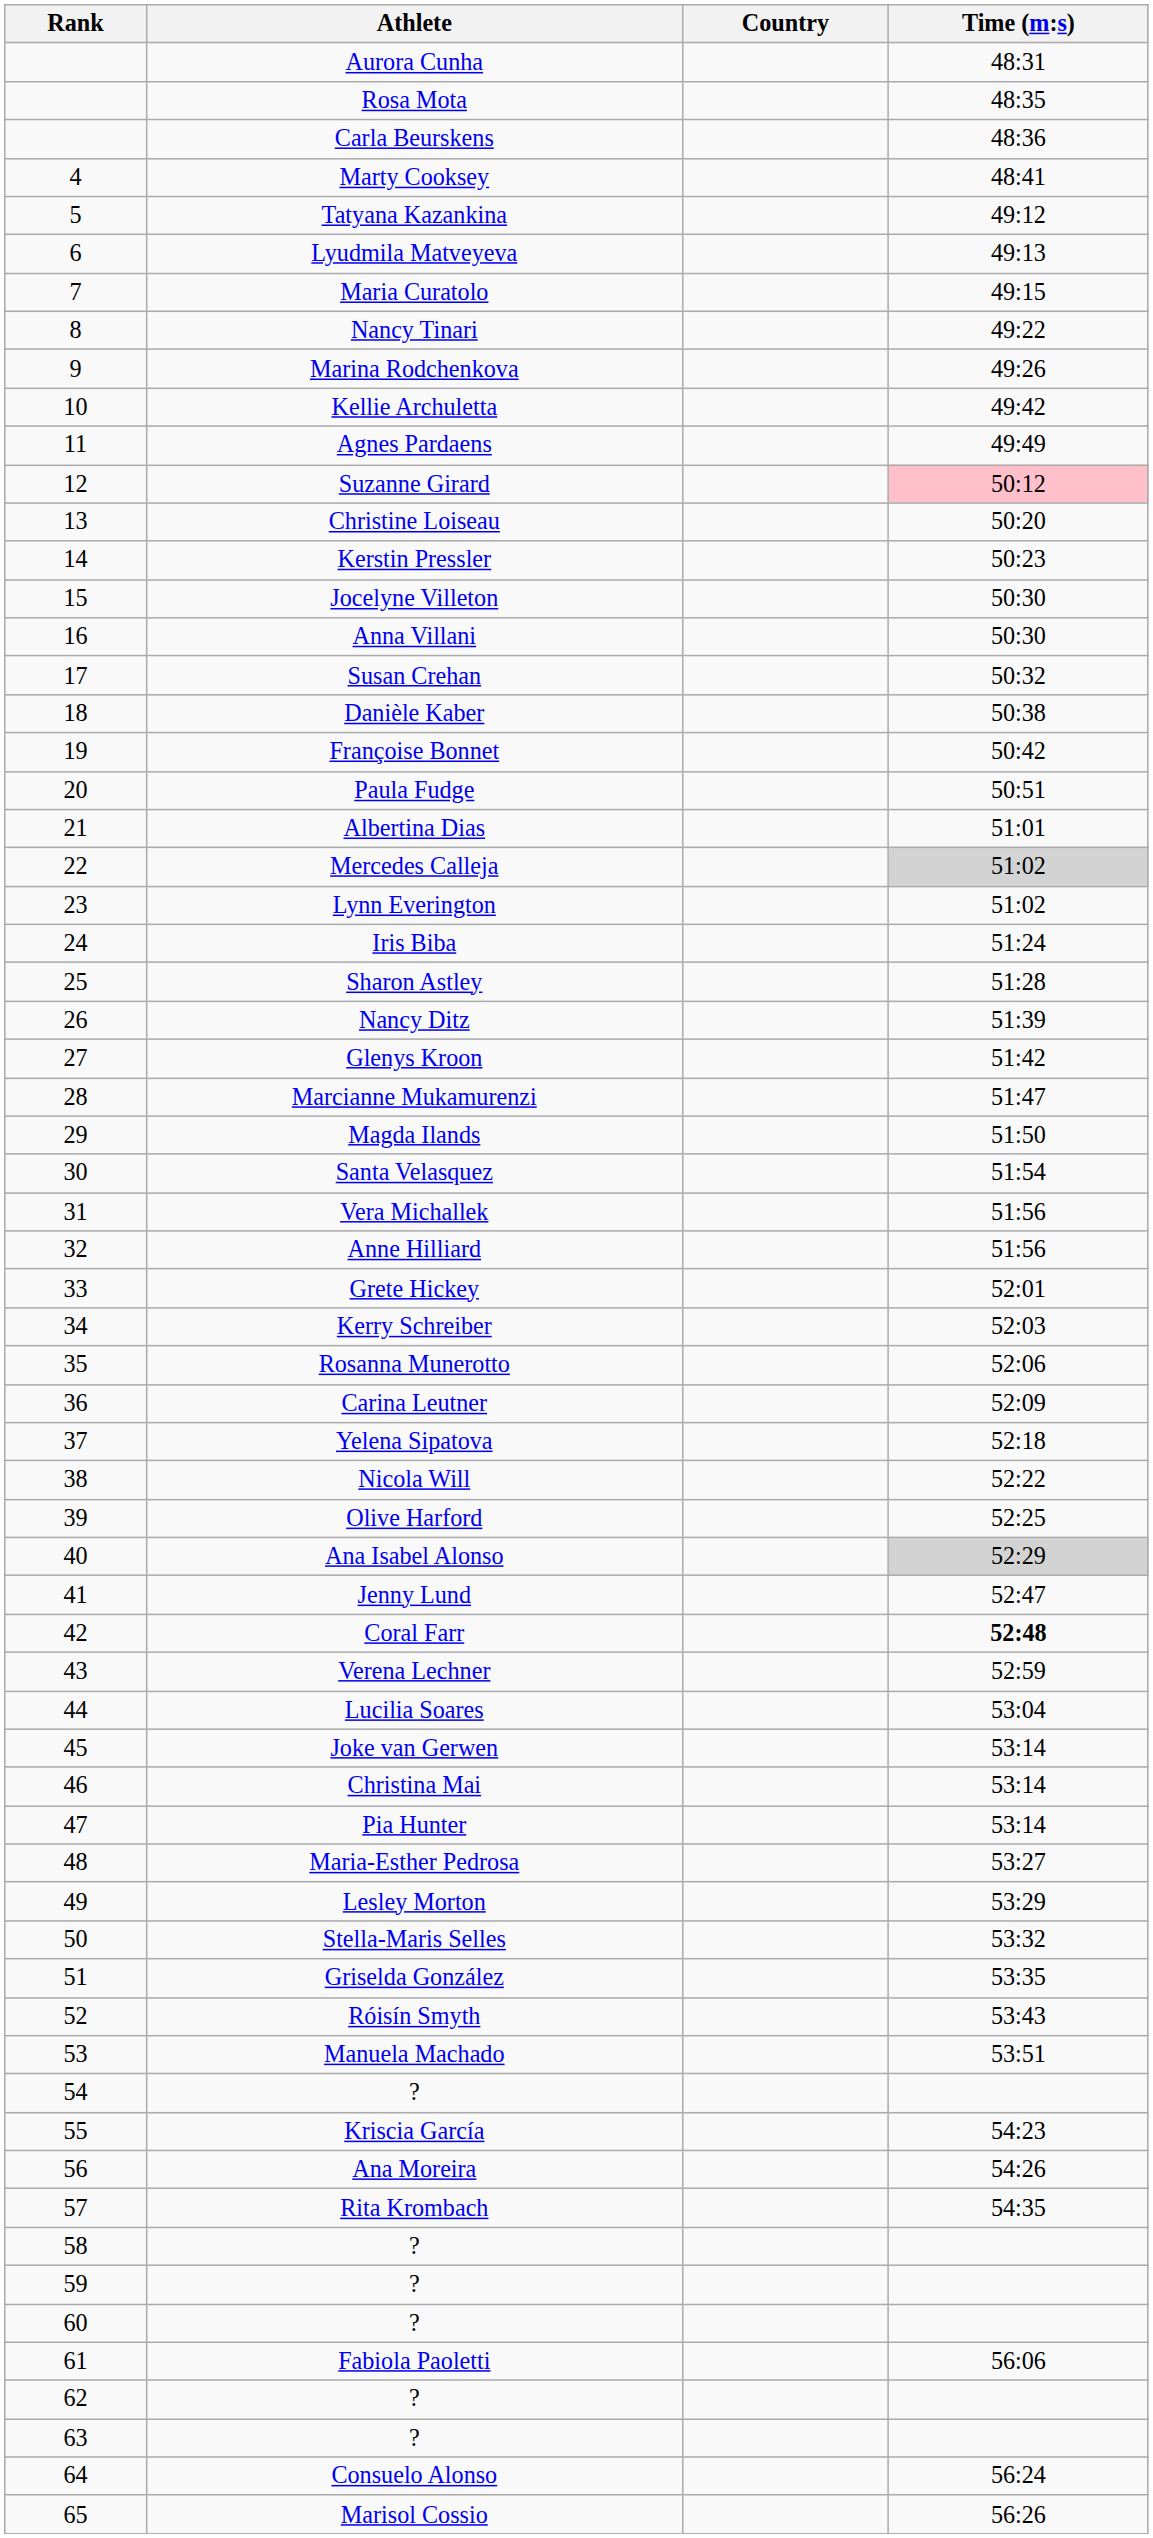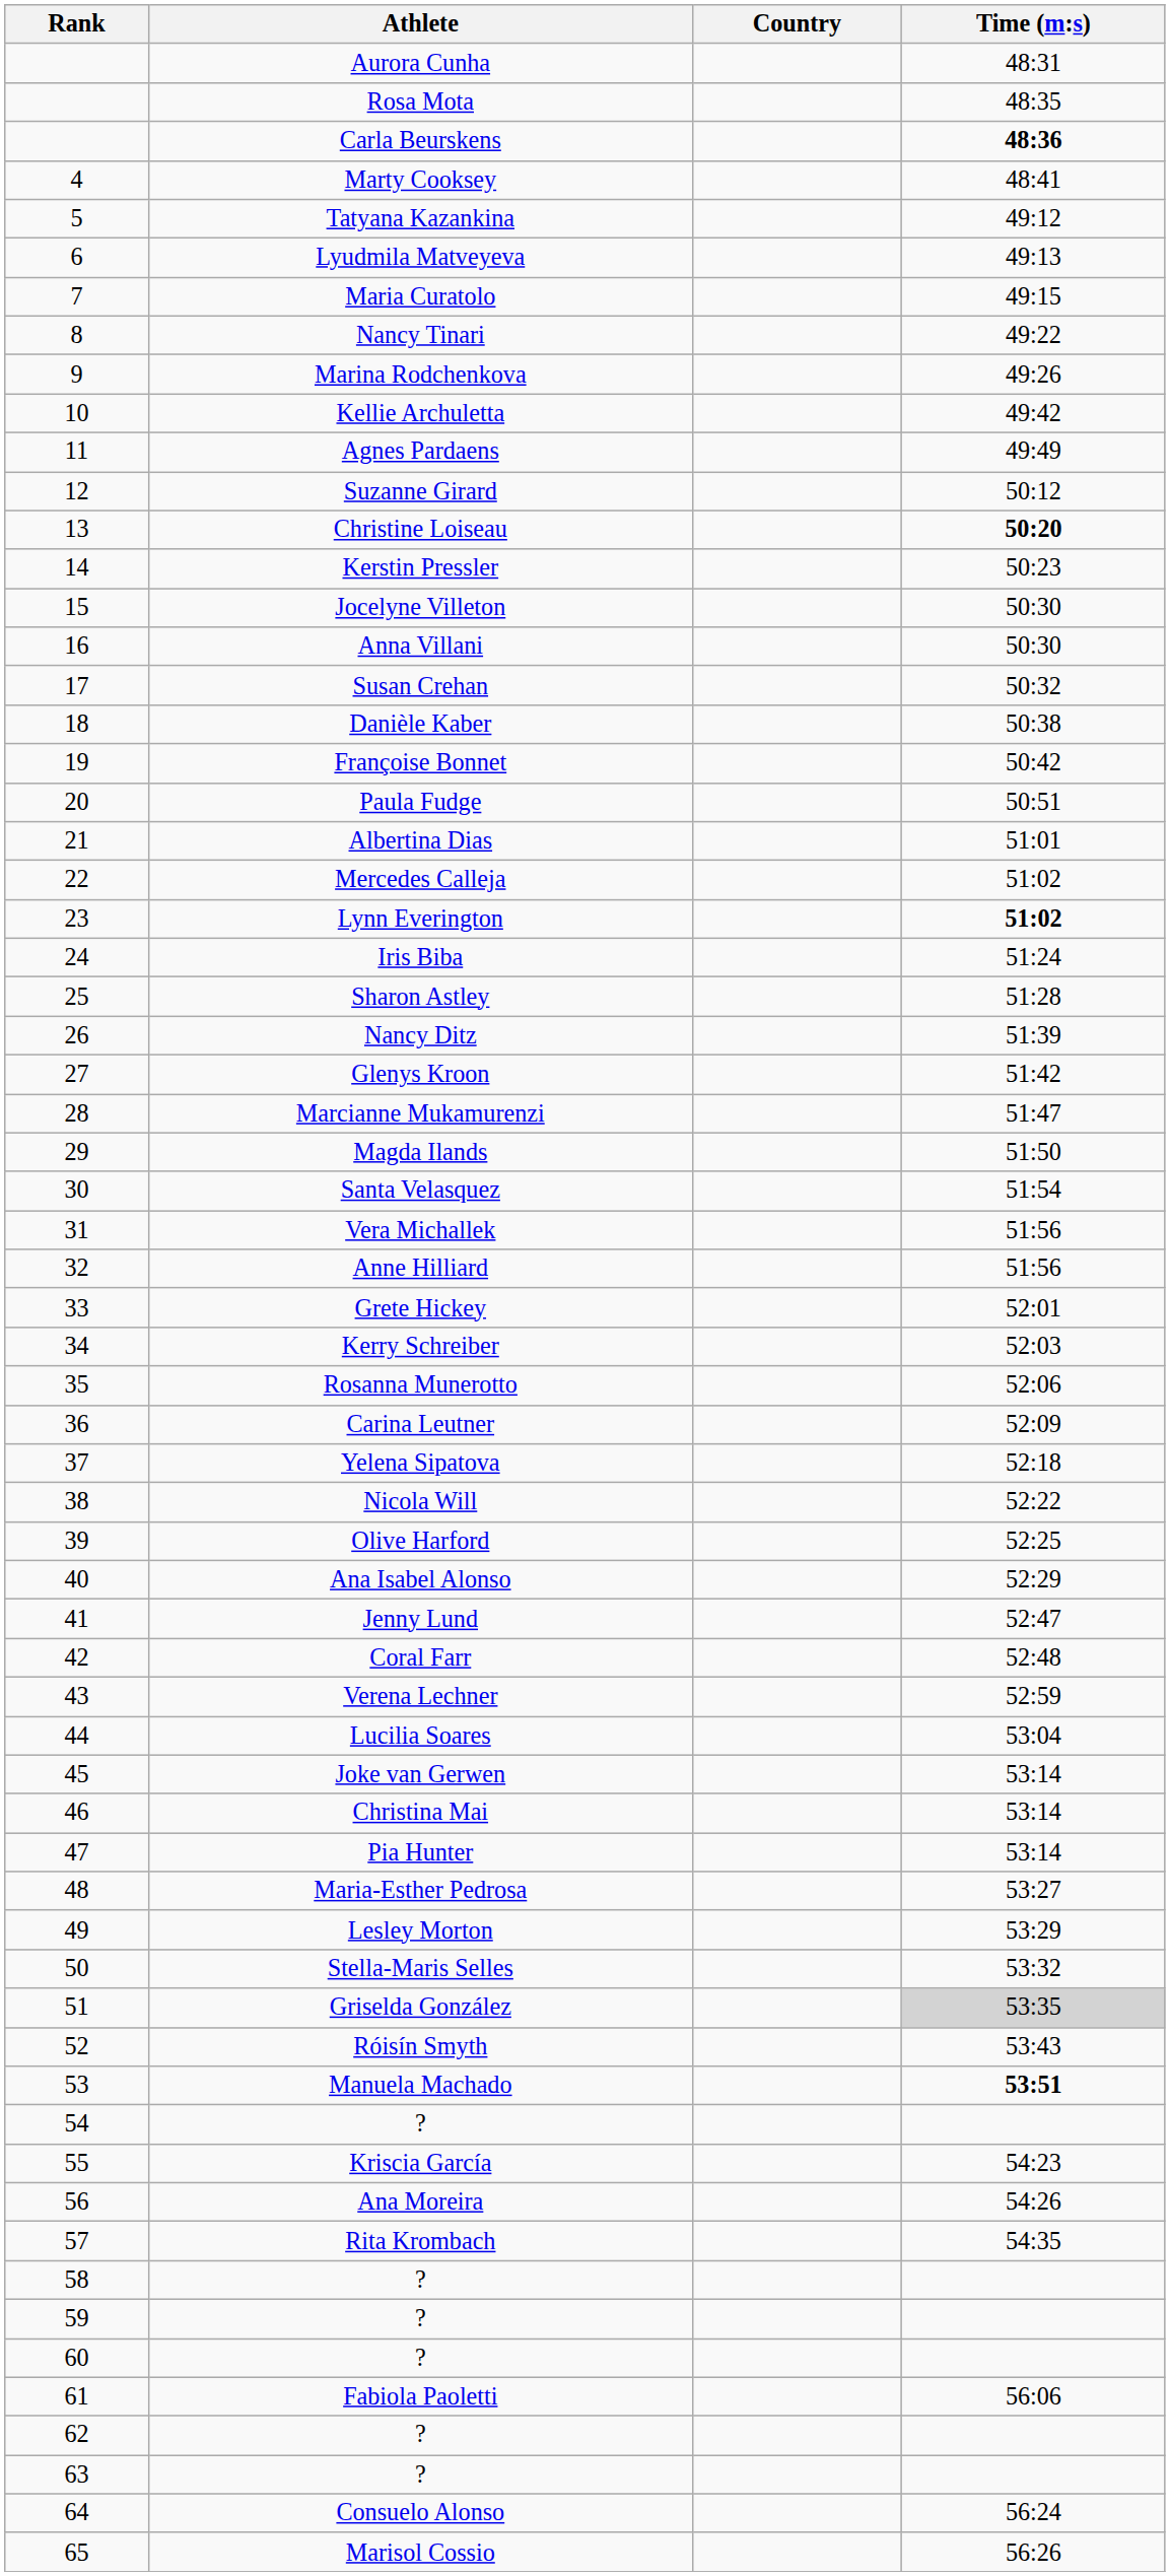 <table class="wikitable sortable" style="text-align:center;" width="60%">
 <tr>
 <th>Rank</th>
 <th>Athlete</th>
 <th>Country</th>
 <th>Time (<a href='#'>m</a>:<a href='#'>s</a>)</th>
 </tr>
 <tr>
 <td></td>
 <td><a href='#'>Aurora Cunha</a></td>
 <td align=left></td>
 <td>48:31</td>
 </tr>
 <tr>
 <td></td>
 <td><a href='#'>Rosa Mota</a></td>
 <td align=left></td>
 <td>48:35</td>
 </tr>
 <tr>
 <td></td>
 <td><a href='#'>Carla Beurskens</a></td>
 <td align=left></td>
-<td>48:36</td>
+<td><strong>48:36</strong></td>
 </tr>
 <tr>
 <td>4</td>
 <td><a href='#'>Marty Cooksey</a></td>
 <td align=left></td>
 <td>48:41</td>
 </tr>
 <tr>
 <td>5</td>
 <td><a href='#'>Tatyana Kazankina</a></td>
 <td align=left></td>
 <td>49:12</td>
 </tr>
 <tr>
 <td>6</td>
 <td><a href='#'>Lyudmila Matveyeva</a></td>
 <td align=left></td>
 <td>49:13</td>
 </tr>
 <tr>
 <td>7</td>
 <td><a href='#'>Maria Curatolo</a></td>
 <td align=left></td>
 <td>49:15</td>
 </tr>
 <tr>
 <td>8</td>
 <td><a href='#'>Nancy Tinari</a></td>
 <td align=left></td>
 <td>49:22</td>
 </tr>
 <tr>
 <td>9</td>
 <td><a href='#'>Marina Rodchenkova</a></td>
 <td align=left></td>
 <td>49:26</td>
 </tr>
 <tr>
 <td>10</td>
 <td><a href='#'>Kellie Archuletta</a></td>
 <td align=left></td>
 <td>49:42</td>
 </tr>
 <tr>
 <td>11</td>
 <td><a href='#'>Agnes Pardaens</a></td>
 <td align=left></td>
 <td>49:49</td>
 </tr>
 <tr>
 <td>12</td>
 <td><a href='#'>Suzanne Girard</a></td>
 <td align=left></td>
-<td style="background: pink;">50:12</td>
+<td>50:12</td>
 </tr>
 <tr>
 <td>13</td>
 <td><a href='#'>Christine Loiseau</a></td>
 <td align=left></td>
-<td>50:20</td>
+<td><strong>50:20</strong></td>
 </tr>
 <tr>
 <td>14</td>
 <td><a href='#'>Kerstin Pressler</a></td>
 <td align=left></td>
 <td>50:23</td>
 </tr>
 <tr>
 <td>15</td>
 <td><a href='#'>Jocelyne Villeton</a></td>
 <td align=left></td>
 <td>50:30</td>
 </tr>
 <tr>
 <td>16</td>
 <td><a href='#'>Anna Villani</a></td>
 <td align=left></td>
 <td>50:30</td>
 </tr>
 <tr>
 <td>17</td>
 <td><a href='#'>Susan Crehan</a></td>
 <td align=left></td>
 <td>50:32</td>
 </tr>
 <tr>
 <td>18</td>
 <td><a href='#'>Danièle Kaber</a></td>
 <td align=left></td>
 <td>50:38</td>
 </tr>
 <tr>
 <td>19</td>
 <td><a href='#'>Françoise Bonnet</a></td>
 <td align=left></td>
 <td>50:42</td>
 </tr>
 <tr>
 <td>20</td>
 <td><a href='#'>Paula Fudge</a></td>
 <td align=left></td>
 <td>50:51</td>
 </tr>
 <tr>
 <td>21</td>
 <td><a href='#'>Albertina Dias</a></td>
 <td align=left></td>
 <td>51:01</td>
 </tr>
 <tr>
 <td>22</td>
 <td><a href='#'>Mercedes Calleja</a></td>
 <td align=left></td>
-<td style="background: lightgrey;">51:02</td>
+<td>51:02</td>
 </tr>
 <tr>
 <td>23</td>
 <td><a href='#'>Lynn Everington</a></td>
 <td align=left></td>
-<td>51:02</td>
+<td><strong>51:02</strong></td>
 </tr>
 <tr>
 <td>24</td>
 <td><a href='#'>Iris Biba</a></td>
 <td align=left></td>
 <td>51:24</td>
 </tr>
 <tr>
 <td>25</td>
 <td><a href='#'>Sharon Astley</a></td>
 <td align=left></td>
 <td>51:28</td>
 </tr>
 <tr>
 <td>26</td>
 <td><a href='#'>Nancy Ditz</a></td>
 <td align=left></td>
 <td>51:39</td>
 </tr>
 <tr>
 <td>27</td>
 <td><a href='#'>Glenys Kroon</a></td>
 <td align=left></td>
 <td>51:42</td>
 </tr>
 <tr>
 <td>28</td>
 <td><a href='#'>Marcianne Mukamurenzi</a></td>
 <td align=left></td>
 <td>51:47</td>
 </tr>
 <tr>
 <td>29</td>
 <td><a href='#'>Magda Ilands</a></td>
 <td align=left></td>
 <td>51:50</td>
 </tr>
 <tr>
 <td>30</td>
 <td><a href='#'>Santa Velasquez</a></td>
 <td align=left></td>
 <td>51:54</td>
 </tr>
 <tr>
 <td>31</td>
 <td><a href='#'>Vera Michallek</a></td>
 <td align=left></td>
 <td>51:56</td>
 </tr>
 <tr>
 <td>32</td>
 <td><a href='#'>Anne Hilliard</a></td>
 <td align=left></td>
 <td>51:56</td>
 </tr>
 <tr>
 <td>33</td>
 <td><a href='#'>Grete Hickey</a></td>
 <td align=left></td>
 <td>52:01</td>
 </tr>
 <tr>
 <td>34</td>
 <td><a href='#'>Kerry Schreiber</a></td>
 <td align=left></td>
 <td>52:03</td>
 </tr>
 <tr>
 <td>35</td>
 <td><a href='#'>Rosanna Munerotto</a></td>
 <td align=left></td>
 <td>52:06</td>
 </tr>
 <tr>
 <td>36</td>
 <td><a href='#'>Carina Leutner</a></td>
 <td align=left></td>
 <td>52:09</td>
 </tr>
 <tr>
 <td>37</td>
 <td><a href='#'>Yelena Sipatova</a></td>
 <td align=left></td>
 <td>52:18</td>
 </tr>
 <tr>
 <td>38</td>
 <td><a href='#'>Nicola Will</a></td>
 <td align=left></td>
 <td>52:22</td>
 </tr>
 <tr>
 <td>39</td>
 <td><a href='#'>Olive Harford</a></td>
 <td align=left></td>
 <td>52:25</td>
 </tr>
 <tr>
 <td>40</td>
 <td><a href='#'>Ana Isabel Alonso</a></td>
 <td align=left></td>
-<td style="background: lightgrey;">52:29</td>
+<td>52:29</td>
 </tr>
 <tr>
 <td>41</td>
 <td><a href='#'>Jenny Lund</a></td>
 <td align=left></td>
 <td>52:47</td>
 </tr>
 <tr>
 <td>42</td>
 <td><a href='#'>Coral Farr</a></td>
 <td align=left></td>
-<td><strong>52:48</strong></td>
+<td>52:48</td>
 </tr>
 <tr>
 <td>43</td>
 <td><a href='#'>Verena Lechner</a></td>
 <td align=left></td>
 <td>52:59</td>
 </tr>
 <tr>
 <td>44</td>
 <td><a href='#'>Lucilia Soares</a></td>
 <td align=left></td>
 <td>53:04</td>
 </tr>
 <tr>
 <td>45</td>
 <td><a href='#'>Joke van Gerwen</a></td>
 <td align=left></td>
 <td>53:14</td>
 </tr>
 <tr>
 <td>46</td>
 <td><a href='#'>Christina Mai</a></td>
 <td align=left></td>
 <td>53:14</td>
 </tr>
 <tr>
 <td>47</td>
 <td><a href='#'>Pia Hunter</a></td>
 <td align=left></td>
 <td>53:14</td>
 </tr>
 <tr>
 <td>48</td>
 <td><a href='#'>Maria-Esther Pedrosa</a></td>
 <td align=left></td>
 <td>53:27</td>
 </tr>
 <tr>
 <td>49</td>
 <td><a href='#'>Lesley Morton</a></td>
 <td align=left></td>
 <td>53:29</td>
 </tr>
 <tr>
 <td>50</td>
 <td><a href='#'>Stella-Maris Selles</a></td>
 <td align=left></td>
 <td>53:32</td>
 </tr>
 <tr>
 <td>51</td>
 <td><a href='#'>Griselda González</a></td>
 <td align=left></td>
-<td>53:35</td>
+<td style="background: lightgrey;">53:35</td>
 </tr>
 <tr>
 <td>52</td>
 <td><a href='#'>Róisín Smyth</a></td>
 <td align=left></td>
 <td>53:43</td>
 </tr>
 <tr>
 <td>53</td>
 <td><a href='#'>Manuela Machado</a></td>
 <td align=left></td>
-<td>53:51</td>
+<td><strong>53:51</strong></td>
 </tr>
 <tr>
 <td>54</td>
 <td>?</td>
 <td></td>
 <td></td>
 </tr>
 <tr>
 <td>55</td>
 <td><a href='#'>Kriscia García</a></td>
 <td align=left></td>
 <td>54:23</td>
 </tr>
 <tr>
 <td>56</td>
 <td><a href='#'>Ana Moreira</a></td>
 <td align=left></td>
 <td>54:26</td>
 </tr>
 <tr>
 <td>57</td>
 <td><a href='#'>Rita Krombach</a></td>
 <td align=left></td>
 <td>54:35</td>
 </tr>
 <tr>
 <td>58</td>
 <td>?</td>
 <td></td>
 <td></td>
 </tr>
 <tr>
 <td>59</td>
 <td>?</td>
 <td></td>
 <td></td>
 </tr>
 <tr>
 <td>60</td>
 <td>?</td>
 <td></td>
 <td></td>
 </tr>
 <tr>
 <td>61</td>
 <td><a href='#'>Fabiola Paoletti</a></td>
 <td align=left></td>
 <td>56:06</td>
 </tr>
 <tr>
 <td>62</td>
 <td>?</td>
 <td></td>
 <td></td>
 </tr>
 <tr>
 <td>63</td>
 <td>?</td>
 <td></td>
 <td></td>
 </tr>
 <tr>
 <td>64</td>
 <td><a href='#'>Consuelo Alonso</a></td>
 <td align=left></td>
 <td>56:24</td>
 </tr>
 <tr>
 <td>65</td>
 <td><a href='#'>Marisol Cossio</a></td>
 <td align=left></td>
 <td>56:26</td>
 </tr>
 <tr>
 </tr>
 </table>
